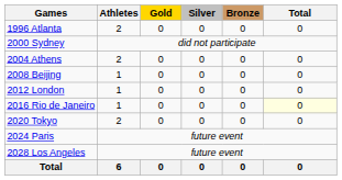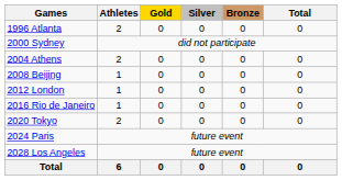 <table class="wikitable" style="text-align:center; font-size:90%;">
 <tr>
 <th>Games</th>
 <th>Athletes</th>
 <td style="background:gold; width:3.7em; font-weight:bold;">Gold</td>
 <td style="background:silver; width:3.7em; font-weight:bold;">Silver</td>
 <td style="background:#cc9966; width:3.7em; font-weight:bold;">Bronze</td>
 <th style="width:7em; font-weight:bold;">Total</th>
 </tr>
 <tr>
 <td align=left> <a href='#'>1996 Atlanta</a></td>
 <td>2</td>
 <td>0</td>
 <td>0</td>
 <td>0</td>
 <td>0</td>
 </tr>
 <tr>
 <td align=left> <a href='#'>2000 Sydney</a></td>
 <td colspan=5><em>did not participate</em></td>
 </tr>
 <tr>
 <td align=left> <a href='#'>2004 Athens</a></td>
 <td>2</td>
 <td>0</td>
 <td>0</td>
 <td>0</td>
 <td>0</td>
 </tr>
 <tr>
 <td align=left> <a href='#'>2008 Beijing</a></td>
 <td>1</td>
 <td>0</td>
 <td>0</td>
 <td>0</td>
 <td>0</td>
 </tr>
 <tr>
 <td align=left> <a href='#'>2012 London</a></td>
 <td>1</td>
 <td>0</td>
 <td>0</td>
 <td>0</td>
 <td>0</td>
 </tr>
 <tr>
 <td align=left> <a href='#'>2016 Rio de Janeiro</a></td>
 <td>1</td>
 <td>0</td>
 <td>0</td>
 <td>0</td>
-<td style="background: lightyellow;">0</td>
+<td>0</td>
 </tr>
 <tr>
 <td align=left> <a href='#'>2020 Tokyo</a></td>
 <td>2</td>
 <td>0</td>
 <td>0</td>
 <td>0</td>
 <td>0</td>
 </tr>
 <tr>
 <td align=left> <a href='#'>2024 Paris</a></td>
 <td colspan=5; rowspan=1><em>future event</em></td>
 </tr>
 <tr>
 <td align=left> <a href='#'>2028 Los Angeles</a></td>
 <td colspan=5; rowspan=1><em>future event</em></td>
 </tr>
 <tr>
 <th colspan=1>Total</th>
 <th>6</th>
 <th>0</th>
 <th>0</th>
 <th>0</th>
 <th 0>0</th>
 </tr>
 </table>
